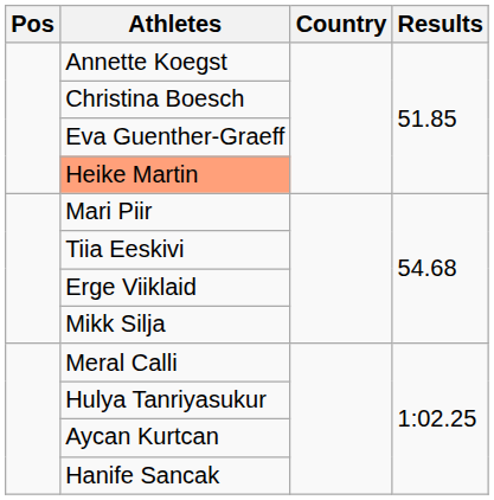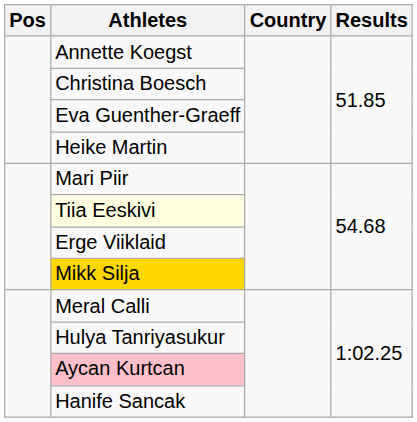 <table class="wikitable">
 <tr>
 <th>Pos</th>
 <th>Athletes</th>
 <th>Country</th>
 <th>Results</th>
 </tr>
 <tr>
 <td rowspan="4"></td>
 <td>Annette Koegst</td>
 <td rowspan="4"></td>
 <td rowspan="4">51.85</td>
 </tr>
 <tr>
 <td>Christina Boesch</td>
 </tr>
 <tr>
 <td>Eva Guenther-Graeff</td>
 </tr>
 <tr>
-<td style="background: lightsalmon;">Heike Martin</td>
+<td>Heike Martin</td>
 </tr>
 <tr>
 <td rowspan="4"></td>
 <td>Mari Piir</td>
 <td rowspan="4"></td>
 <td rowspan="4">54.68</td>
 </tr>
 <tr>
-<td>Tiia Eeskivi</td>
+<td style="background: lightyellow;">Tiia Eeskivi</td>
 </tr>
 <tr>
 <td>Erge Viiklaid</td>
 </tr>
 <tr>
-<td>Mikk Silja</td>
+<td style="background: gold;">Mikk Silja</td>
 </tr>
 <tr>
 <td rowspan="4"></td>
 <td>Meral Calli</td>
 <td rowspan="4"></td>
 <td rowspan="4">1:02.25</td>
 </tr>
 <tr>
 <td>Hulya Tanriyasukur</td>
 </tr>
 <tr>
-<td>Aycan Kurtcan</td>
+<td style="background: pink;">Aycan Kurtcan</td>
 </tr>
 <tr>
 <td>Hanife Sancak</td>
 </tr>
 </table>
